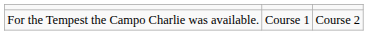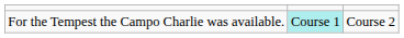 <table class="wikitable" style="text-align:center;">
 <tr>
 <td></td>
 <td></td>
 <td></td>
 </tr>
 <tr>
 <td>For the Tempest the Campo Charlie was available.</td>
-<td>Course 1</td>
+<td style="background: paleturquoise;">Course 1</td>
 <td>Course 2</td>
 </tr>
 </table>
